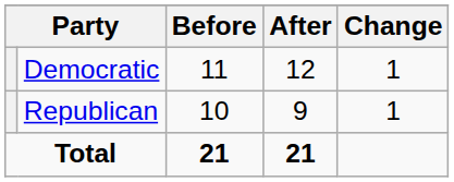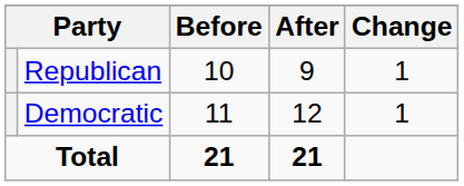 <table class="wikitable" style="text-align:center;">
 <tr>
 </tr>
 <tr>
 <th colspan=2>Party</th>
 <th>Before</th>
 <th>After</th>
 <th>Change</th>
 </tr>
 <tr>
 <th style="background-color:"></th>
-<td style="text-align:left;"><a href='#'>Democratic</a></td>
-<td>11</td>
-<td>12</td>
+<td style="text-align:left;"><a href='#'>Republican</a></td>
+<td>10</td>
+<td>9</td>
 <td> 1</td>
 </tr>
 <tr>
 <th style="background-color:"></th>
-<td style="text-align:left;"><a href='#'>Republican</a></td>
-<td>10</td>
-<td>9</td>
+<td style="text-align:left;"><a href='#'>Democratic</a></td>
+<td>11</td>
+<td>12</td>
 <td> 1</td>
 </tr>
 <tr>
 <td colspan=2><strong>Total</strong></td>
 <td><strong>21</strong></td>
 <td><strong>21</strong></td>
 <td></td>
 </tr>
 </table>
